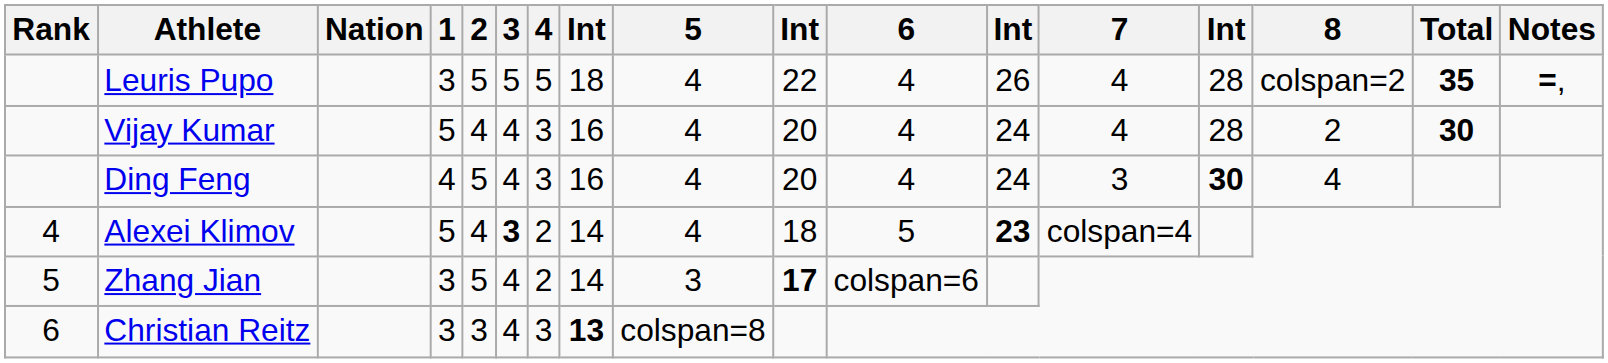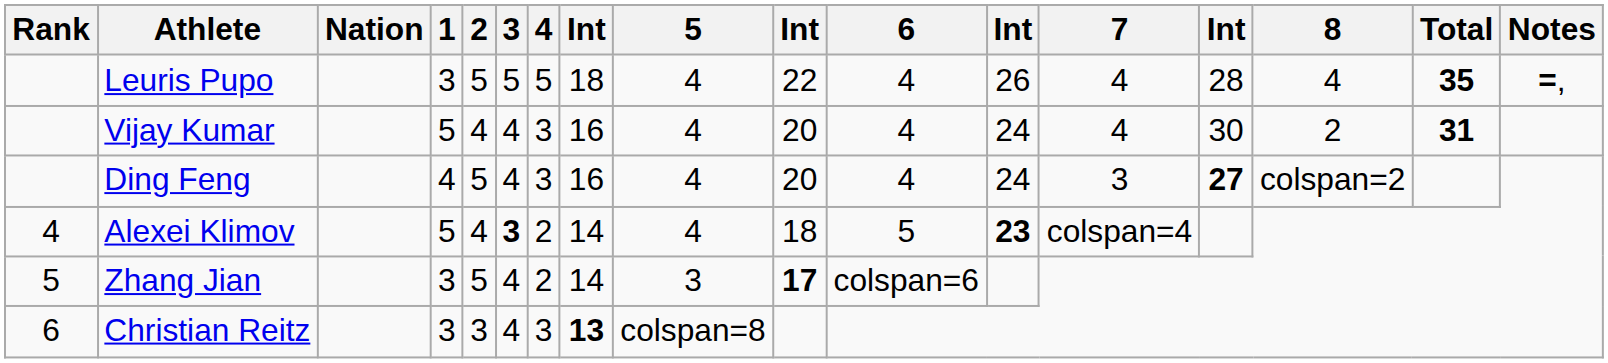 <table class="wikitable sortable" style="text-align:center">
 <tr>
 <th>Rank</th>
 <th>Athlete</th>
 <th>Nation</th>
 <th>1</th>
 <th>2</th>
 <th>3</th>
 <th>4</th>
 <th>Int</th>
 <th>5</th>
 <th>Int</th>
 <th>6</th>
 <th>Int</th>
 <th>7</th>
 <th>Int</th>
 <th>8</th>
 <th>Total</th>
 <th>Notes</th>
 </tr>
 <tr>
 <td></td>
 <td align=left><a href='#'>Leuris Pupo</a></td>
 <td align=left></td>
 <td>3</td>
 <td>5</td>
 <td>5</td>
 <td>5</td>
 <td>18</td>
 <td>4</td>
 <td>22</td>
 <td>4</td>
 <td>26</td>
 <td>4</td>
 <td>28</td>
-<td>colspan=2 </td>
+<td>4</td>
 <td><strong>35</strong></td>
 <td><strong>=</strong>, </td>
 </tr>
 <tr>
 <td></td>
 <td align=left><a href='#'>Vijay Kumar</a></td>
 <td align=left></td>
 <td>5</td>
 <td>4</td>
 <td>4</td>
 <td>3</td>
 <td>16</td>
 <td>4</td>
 <td>20</td>
 <td>4</td>
 <td>24</td>
 <td>4</td>
-<td>28</td>
+<td>30</td>
 <td>2</td>
-<td><strong>30</strong></td>
+<td><strong>31</strong></td>
 <td></td>
 </tr>
 <tr>
 <td></td>
 <td align=left><a href='#'>Ding Feng</a></td>
 <td align=left></td>
 <td>4</td>
 <td>5</td>
 <td>4</td>
 <td>3</td>
 <td>16</td>
 <td>4</td>
 <td>20</td>
 <td>4</td>
 <td>24</td>
 <td>3</td>
-<td><strong>30</strong></td>
-<td>4</td>
+<td><strong>27</strong></td>
+<td>colspan=2 </td>
 <td></td>
 </tr>
 <tr>
 <td>4</td>
 <td align=left><a href='#'>Alexei Klimov</a></td>
 <td align=left></td>
 <td>5</td>
 <td>4</td>
 <td><strong>3</strong></td>
 <td>2</td>
 <td>14</td>
 <td>4</td>
 <td>18</td>
 <td>5</td>
 <td><strong>23</strong></td>
 <td>colspan=4 </td>
 <td></td>
 </tr>
 <tr>
 <td>5</td>
 <td align=left><a href='#'>Zhang Jian</a></td>
 <td align=left></td>
 <td>3</td>
 <td>5</td>
 <td>4</td>
 <td>2</td>
 <td>14</td>
 <td>3</td>
 <td><strong>17</strong></td>
 <td>colspan=6 </td>
 <td></td>
 </tr>
 <tr>
 <td>6</td>
 <td align=left><a href='#'>Christian Reitz</a></td>
 <td align=left></td>
 <td>3</td>
 <td>3</td>
 <td>4</td>
 <td>3</td>
 <td><strong>13</strong></td>
 <td>colspan=8 </td>
 <td></td>
 </tr>
 </table>
